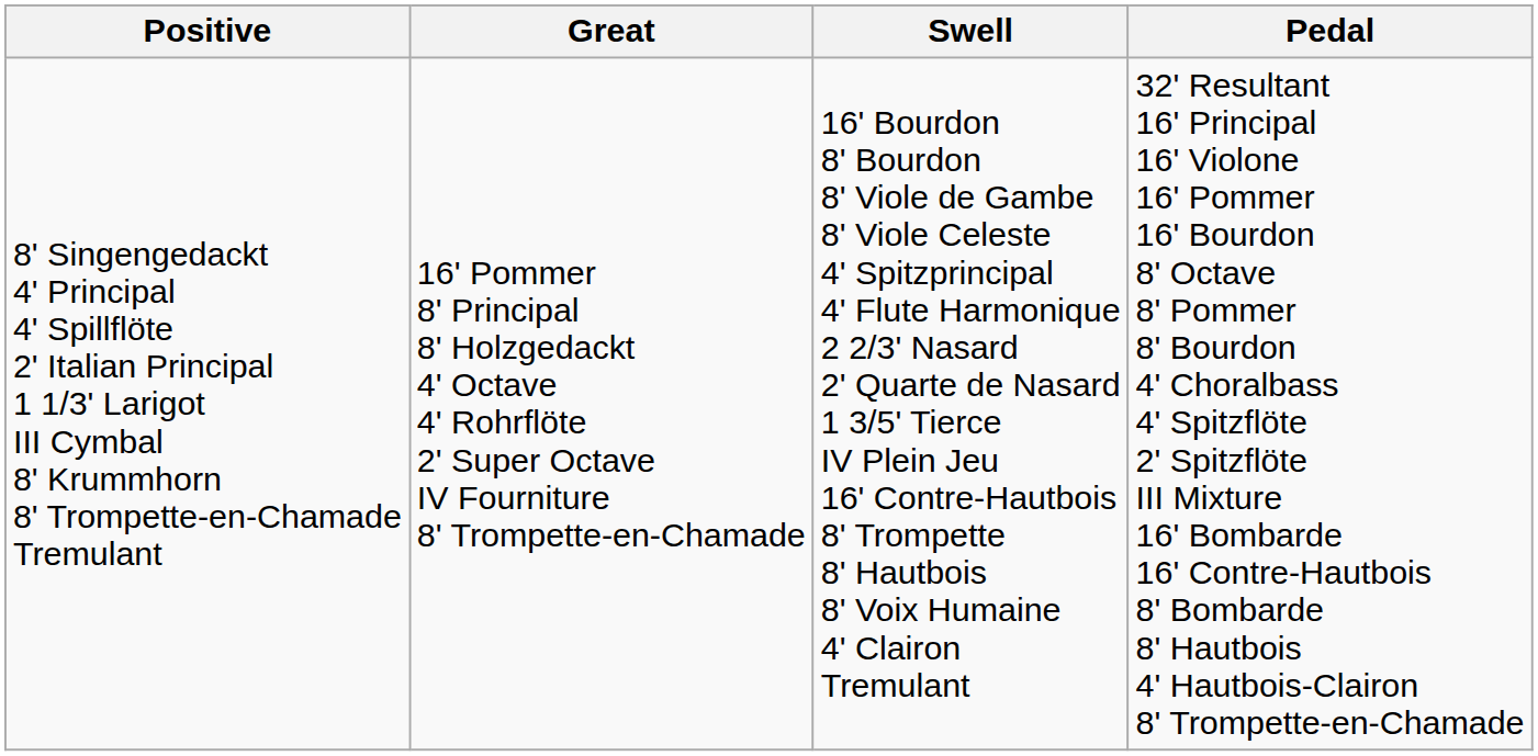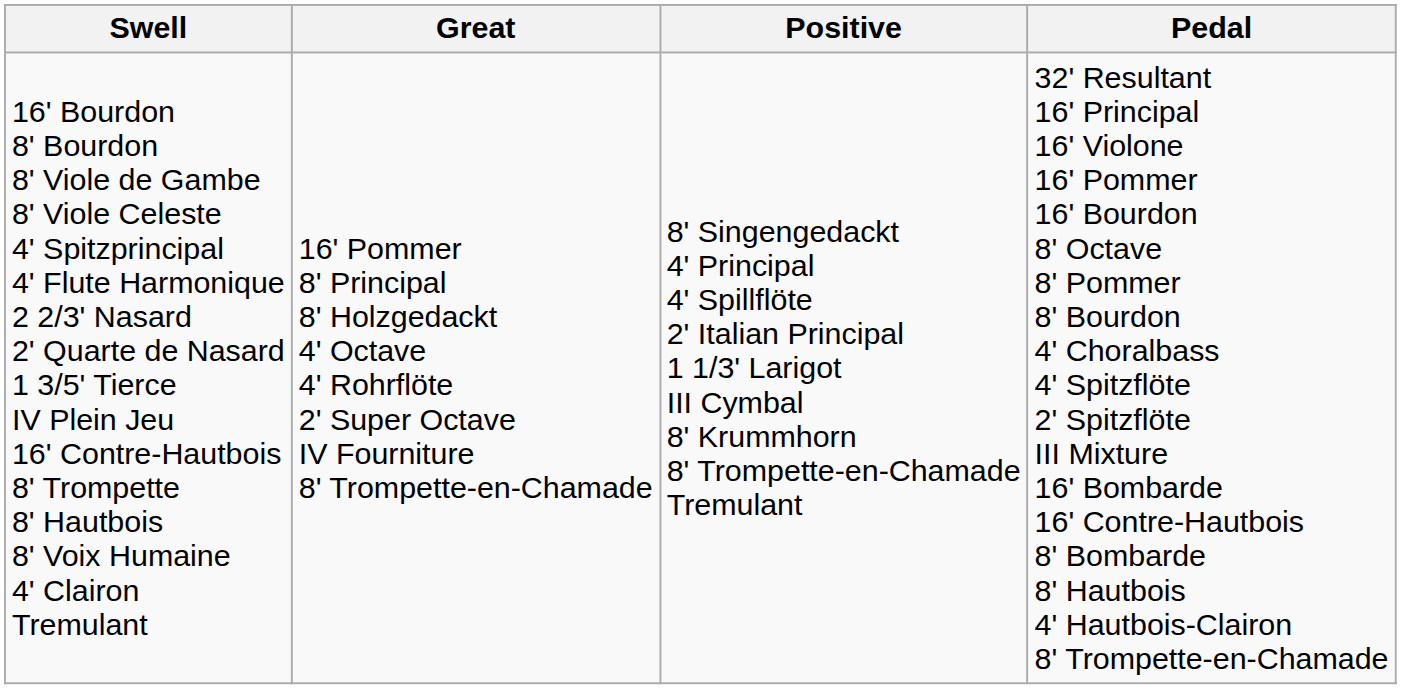 <table class="wikitable mw-collapsible mw-collapsed">
 <tr>
+<th>Swell</th>
+<th>Great</th>
 <th>Positive</th>
-<th>Great</th>
-<th>Swell</th>
 <th>Pedal</th>
 </tr>
 <tr>
+<td>16' Bourdon<br>8' Bourdon<br>8' Viole de Gambe<br>8' Viole Celeste<br>4' Spitzprincipal<br>4' Flute Harmonique<br>2 2/3' Nasard<br>2' Quarte de Nasard<br>1 3/5' Tierce<br>IV Plein Jeu<br>16' Contre-Hautbois<br>8' Trompette<br>8' Hautbois<br>8' Voix Humaine<br>4' Clairon<br>Tremulant</td>
+<td>16' Pommer<br>8' Principal<br>8' Holzgedackt<br>4' Octave<br>4' Rohrflöte<br>2' Super Octave<br>IV Fourniture<br>8' Trompette-en-Chamade</td>
 <td>8' Singengedackt<br>4' Principal<br>4' Spillflöte<br>2' Italian Principal<br>1 1/3' Larigot<br>III Cymbal<br>8' Krummhorn<br>8' Trompette-en-Chamade<br>Tremulant</td>
-<td>16' Pommer<br>8' Principal<br>8' Holzgedackt<br>4' Octave<br>4' Rohrflöte<br>2' Super Octave<br>IV Fourniture<br>8' Trompette-en-Chamade</td>
-<td>16' Bourdon<br>8' Bourdon<br>8' Viole de Gambe<br>8' Viole Celeste<br>4' Spitzprincipal<br>4' Flute Harmonique<br>2 2/3' Nasard<br>2' Quarte de Nasard<br>1 3/5' Tierce<br>IV Plein Jeu<br>16' Contre-Hautbois<br>8' Trompette<br>8' Hautbois<br>8' Voix Humaine<br>4' Clairon<br>Tremulant</td>
 <td>32' Resultant<br>16' Principal<br>16' Violone<br>16' Pommer<br>16' Bourdon<br>8' Octave<br>8' Pommer<br>8' Bourdon<br>4' Choralbass<br>4' Spitzflöte<br>2' Spitzflöte<br>III Mixture<br>16' Bombarde<br>16' Contre-Hautbois<br>8' Bombarde<br>8' Hautbois<br>4' Hautbois-Clairon<br>8' Trompette-en-Chamade</td>
 </tr>
 </table>
